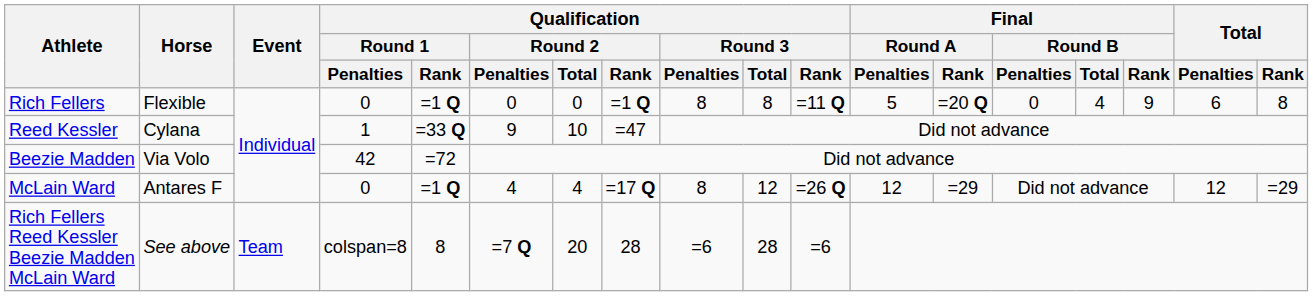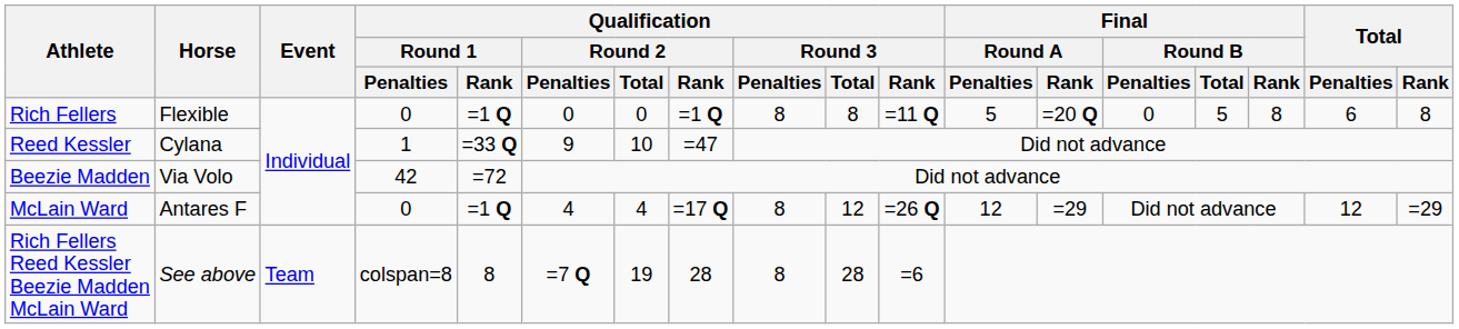 <table class=wikitable style=font-size:90%;text-align:center>
 <tr>
 <th rowspan=3>Athlete</th>
 <th rowspan=3>Horse</th>
 <th rowspan=3>Event</th>
 <th colspan=8>Qualification</th>
 <th colspan=5>Final</th>
 <th rowspan=2 colspan=2>Total</th>
 </tr>
 <tr style=font-size:95%>
 <th colspan=2>Round 1</th>
 <th colspan=3>Round 2</th>
 <th colspan=3>Round 3</th>
 <th colspan=2>Round A</th>
 <th colspan=3>Round B</th>
 </tr>
 <tr style=font-size:95%>
 <th>Penalties</th>
 <th>Rank</th>
 <th>Penalties</th>
 <th>Total</th>
 <th>Rank</th>
 <th>Penalties</th>
 <th>Total</th>
 <th>Rank</th>
 <th>Penalties</th>
 <th>Rank</th>
 <th>Penalties</th>
 <th>Total</th>
 <th>Rank</th>
 <th>Penalties</th>
 <th>Rank</th>
 </tr>
 <tr>
 <td align=left><a href='#'>Rich Fellers</a></td>
 <td align=left>Flexible</td>
 <td align=left rowspan=4><a href='#'>Individual</a></td>
 <td>0</td>
 <td>=1 <strong>Q</strong></td>
 <td>0</td>
 <td>0</td>
 <td>=1 <strong>Q</strong></td>
 <td>8</td>
 <td>8</td>
 <td>=11 <strong>Q</strong></td>
 <td>5</td>
 <td>=20 <strong>Q</strong></td>
 <td>0</td>
-<td>4</td>
-<td>9</td>
+<td>5</td>
+<td>8</td>
 <td>6</td>
 <td>8</td>
 </tr>
 <tr>
 <td align=left><a href='#'>Reed Kessler</a></td>
 <td align=left>Cylana</td>
 <td>1</td>
 <td>=33 <strong>Q</strong></td>
 <td>9</td>
 <td>10</td>
 <td>=47</td>
 <td colspan=10>Did not advance</td>
 </tr>
 <tr>
 <td align=left><a href='#'>Beezie Madden</a></td>
 <td align=left>Via Volo</td>
 <td>42</td>
 <td>=72</td>
 <td colspan=13>Did not advance</td>
 </tr>
 <tr>
 <td align=left><a href='#'>McLain Ward</a></td>
 <td align=left>Antares F</td>
 <td>0</td>
 <td>=1 <strong>Q</strong></td>
 <td>4</td>
 <td>4</td>
 <td>=17 <strong>Q</strong></td>
 <td>8</td>
 <td>12</td>
 <td>=26 <strong>Q</strong></td>
 <td>12</td>
 <td>=29</td>
 <td colspan=3>Did not advance</td>
 <td>12</td>
 <td>=29</td>
 </tr>
 <tr>
 <td align=left><a href='#'>Rich Fellers</a><br><a href='#'>Reed Kessler</a><br><a href='#'>Beezie Madden</a><br><a href='#'>McLain Ward</a></td>
 <td align=left><em>See above</em></td>
 <td align=left><a href='#'>Team</a></td>
 <td>colspan=8 </td>
 <td>8</td>
 <td>=7 <strong>Q</strong></td>
-<td>20</td>
+<td>19</td>
 <td>28</td>
-<td>=6</td>
+<td>8</td>
 <td>28</td>
 <td>=6</td>
 </tr>
 </table>
